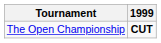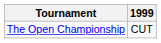 <table class="wikitable" style="font-size:95%;text-align:center;">
 <tr>
 <th>Tournament</th>
 <th>1999</th>
 </tr>
 <tr>
 <td align=left><a href='#'>The Open Championship</a></td>
-<td><strong>CUT</strong></td>
+<td>CUT</td>
 </tr>
 </table>
